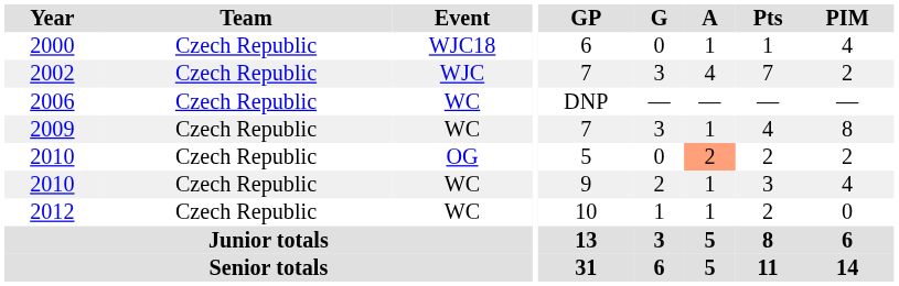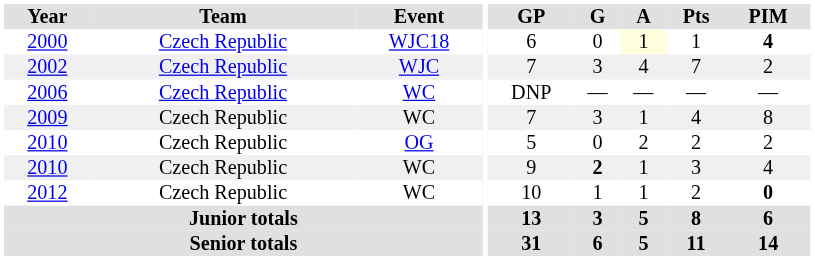 <table border="0" cellpadding="1" cellspacing="0" ID="Table3" style="text-align:center; width:40em">
 <tr ALIGN="center" bgcolor="#e0e0e0">
 <th>Year</th>
 <th>Team</th>
 <th>Event</th>
 <th rowspan="99" bgcolor="#ffffff"></th>
 <th>GP</th>
 <th>G</th>
 <th>A</th>
 <th>Pts</th>
 <th>PIM</th>
 </tr>
 <tr>
 <td><a href='#'>2000</a></td>
 <td><a href='#'>Czech Republic</a></td>
 <td><a href='#'>WJC18</a></td>
 <td>6</td>
 <td>0</td>
+<td style="background: lightyellow;">1</td>
 <td>1</td>
-<td>1</td>
-<td>4</td>
+<td><strong>4</strong></td>
 </tr>
 <tr bgcolor="#f0f0f0">
 <td><a href='#'>2002</a></td>
 <td><a href='#'>Czech Republic</a></td>
 <td><a href='#'>WJC</a></td>
 <td>7</td>
 <td>3</td>
 <td>4</td>
 <td>7</td>
 <td>2</td>
 </tr>
 <tr>
 <td><a href='#'>2006</a></td>
 <td><a href='#'>Czech Republic</a></td>
 <td><a href='#'>WC</a></td>
 <td>DNP</td>
 <td>—</td>
 <td>—</td>
 <td>—</td>
 <td>—</td>
 </tr>
 <tr bgcolor="#f0f0f0">
 <td><a href='#'>2009</a></td>
 <td>Czech Republic</td>
 <td>WC</td>
 <td>7</td>
 <td>3</td>
 <td>1</td>
 <td>4</td>
 <td>8</td>
 </tr>
 <tr>
 <td><a href='#'>2010</a></td>
 <td>Czech Republic</td>
 <td><a href='#'>OG</a></td>
 <td>5</td>
 <td>0</td>
-<td style="background: lightsalmon;">2</td>
+<td>2</td>
 <td>2</td>
 <td>2</td>
 </tr>
 <tr bgcolor="#f0f0f0">
 <td><a href='#'>2010</a></td>
 <td>Czech Republic</td>
 <td>WC</td>
 <td>9</td>
-<td>2</td>
+<td><strong>2</strong></td>
 <td>1</td>
 <td>3</td>
 <td>4</td>
 </tr>
 <tr>
 <td><a href='#'>2012</a></td>
 <td>Czech Republic</td>
 <td>WC</td>
 <td>10</td>
 <td>1</td>
 <td>1</td>
 <td>2</td>
-<td>0</td>
+<td><strong>0</strong></td>
 </tr>
 <tr bgcolor="#e0e0e0">
 <th colspan="3">Junior totals</th>
 <th>13</th>
 <th>3</th>
 <th>5</th>
 <th>8</th>
 <th>6</th>
 </tr>
 <tr bgcolor="#e0e0e0">
 <th colspan="3">Senior totals</th>
 <th>31</th>
 <th>6</th>
 <th>5</th>
 <th>11</th>
 <th>14</th>
 </tr>
 </table>
